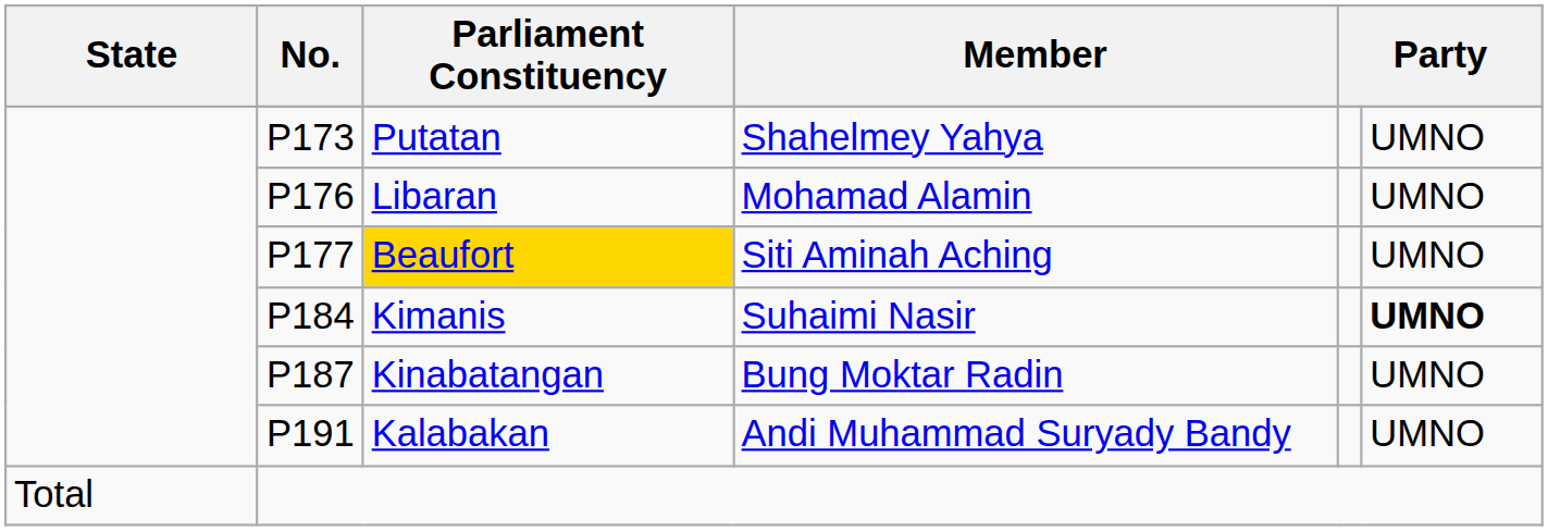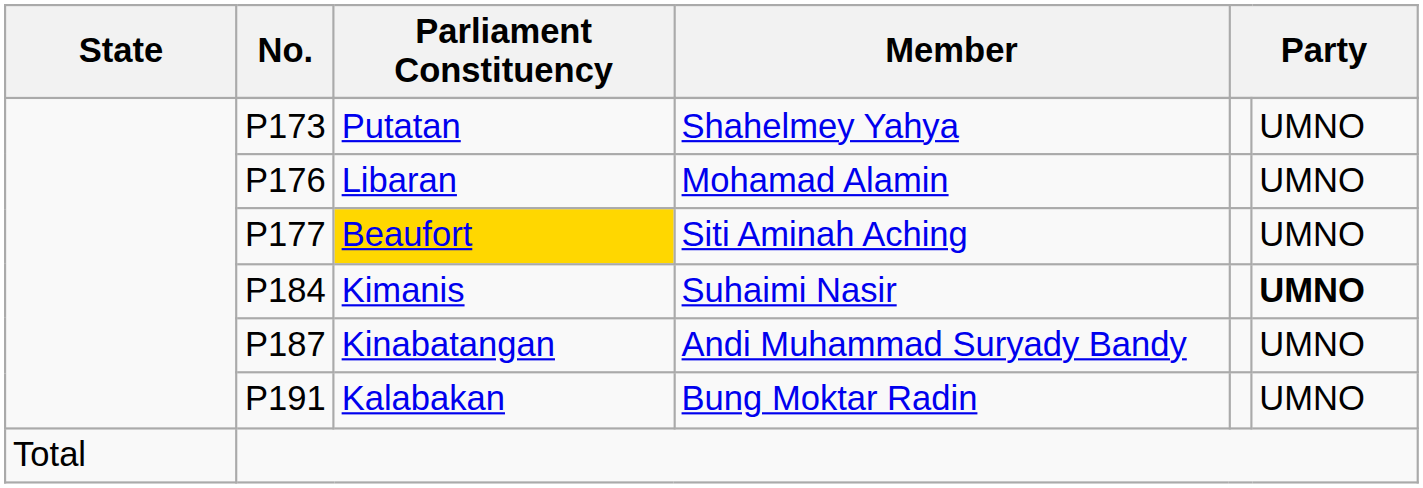 <table class ="wikitable sortable">
 <tr>
 <th style="width:100px;">State</th>
 <th style="width:30px;">No.</th>
 <th style="width:150px;">Parliament Constituency</th>
 <th style="width:250px;">Member</th>
 <th style="width:80px;" colspan=6>Party</th>
 </tr>
 <tr>
 <td rowspan="7"></td>
 </tr>
 <tr>
 <td>P173</td>
 <td><a href='#'>Putatan</a></td>
 <td><a href='#'>Shahelmey Yahya</a></td>
 <td></td>
 <td>UMNO</td>
 </tr>
 <tr>
 <td>P176</td>
 <td><a href='#'>Libaran</a></td>
 <td><a href='#'>Mohamad Alamin</a></td>
 <td></td>
 <td>UMNO</td>
 </tr>
 <tr>
 <td>P177</td>
 <td style="background: gold;"><a href='#'>Beaufort</a></td>
 <td><a href='#'>Siti Aminah Aching</a></td>
 <td></td>
 <td>UMNO</td>
 </tr>
 <tr>
 <td>P184</td>
 <td><a href='#'>Kimanis</a></td>
 <td><a href='#'>Suhaimi Nasir</a></td>
 <td></td>
 <td><strong>UMNO</strong></td>
 </tr>
 <tr>
 <td>P187</td>
 <td><a href='#'>Kinabatangan</a></td>
-<td><a href='#'>Bung Moktar Radin</a></td>
+<td><a href='#'>Andi Muhammad Suryady Bandy</a></td>
 <td></td>
 <td>UMNO</td>
 </tr>
 <tr>
 <td>P191</td>
 <td><a href='#'>Kalabakan</a></td>
-<td><a href='#'>Andi Muhammad Suryady Bandy</a></td>
+<td><a href='#'>Bung Moktar Radin</a></td>
 <td></td>
 <td>UMNO</td>
 </tr>
 <tr>
 <td>Total</td>
 <td colspan="6" style="width:30px;"></td>
 </tr>
 </table>
